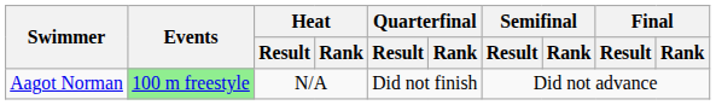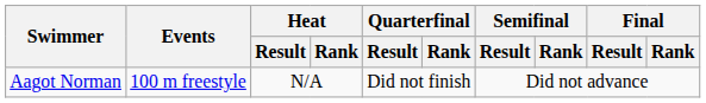 <table class=wikitable style="font-size:90%">
 <tr>
 <th rowspan="2">Swimmer</th>
 <th rowspan="2">Events</th>
 <th colspan="2">Heat</th>
 <th colspan=2>Quarterfinal</th>
 <th colspan=2>Semifinal</th>
 <th colspan="2">Final</th>
 </tr>
 <tr>
 <th>Result</th>
 <th>Rank</th>
 <th>Result</th>
 <th>Rank</th>
 <th>Result</th>
 <th>Rank</th>
 <th>Result</th>
 <th>Rank</th>
 </tr>
 <tr>
 <td><a href='#'>Aagot Norman</a></td>
-<td style="background: lightgreen;"><a href='#'>100 m freestyle</a></td>
+<td><a href='#'>100 m freestyle</a></td>
 <td align=center colspan=2>N/A</td>
 <td align=center colspan=2>Did not finish</td>
 <td align=center colspan=4>Did not advance</td>
 </tr>
 </table>
